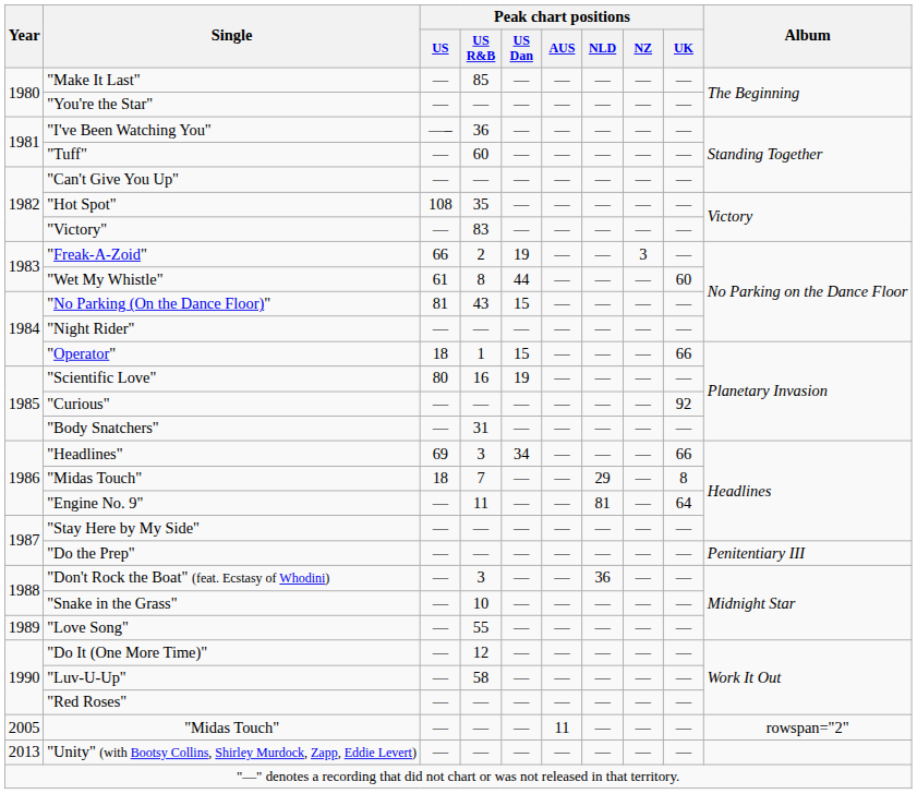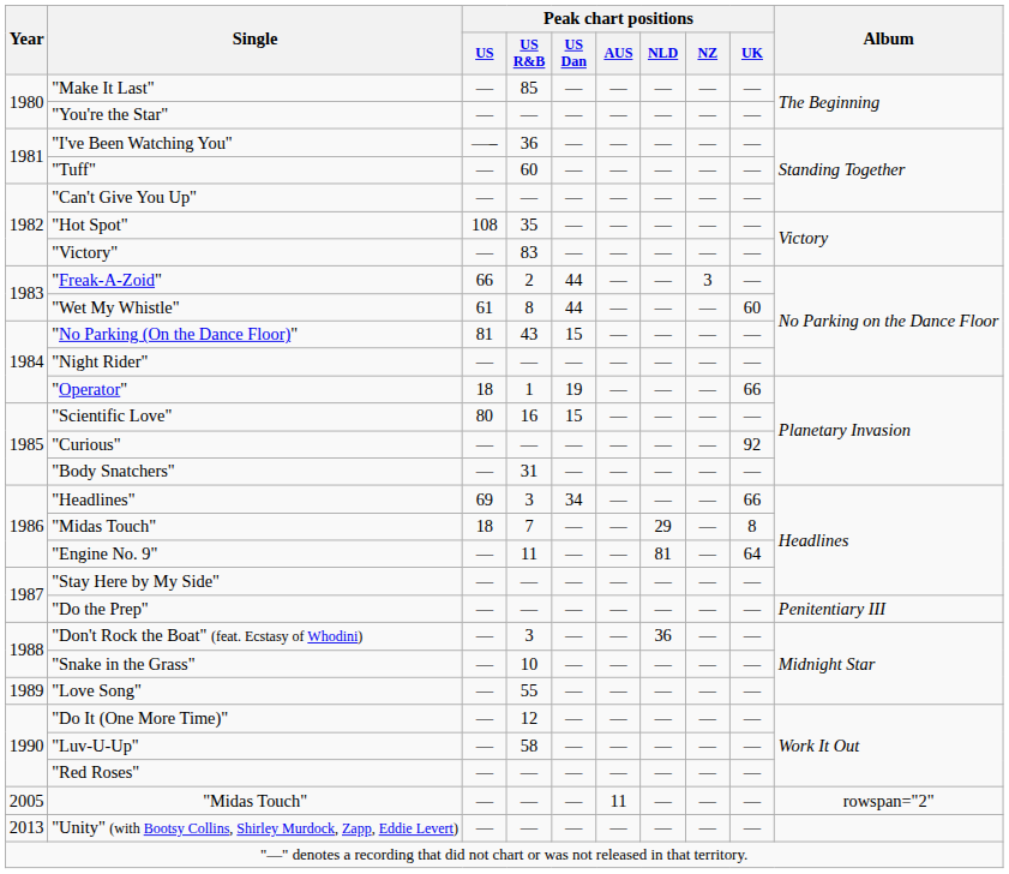 <table class="wikitable" style="text-align:center;">
 <tr>
 <th rowspan="2">Year</th>
 <th rowspan="2">Single</th>
 <th colspan="7">Peak chart positions</th>
 <th rowspan="2">Album</th>
 </tr>
 <tr style="font-size: smaller;">
 <th width="35"><a href='#'>US</a><br></th>
 <th width="35"><a href='#'>US<br>R&B</a><br></th>
 <th width="35"><a href='#'>US<br>Dan</a><br></th>
 <th width="35"><a href='#'>AUS</a><br></th>
 <th width="35"><a href='#'>NLD</a><br></th>
 <th width="35"><a href='#'>NZ</a><br></th>
 <th width="35"><a href='#'>UK</a><br></th>
 </tr>
 <tr>
 <td rowspan="2">1980</td>
 <td align=left>"Make It Last"</td>
 <td>—</td>
 <td>85</td>
 <td>—</td>
 <td>—</td>
 <td>—</td>
 <td>—</td>
 <td>—</td>
 <td align=left rowspan="2"><em>The Beginning</em></td>
 </tr>
 <tr>
 <td align=left>"You're the Star"</td>
 <td>—</td>
 <td>—</td>
 <td>—</td>
 <td>—</td>
 <td>—</td>
 <td>—</td>
 <td>—</td>
 </tr>
 <tr>
 <td rowspan="2">1981</td>
 <td align=left>"I've Been Watching You"</td>
 <td>—–</td>
 <td>36</td>
 <td>—</td>
 <td>—</td>
 <td>—</td>
 <td>—</td>
 <td>—</td>
 <td align=left rowspan="3"><em>Standing Together</em></td>
 </tr>
 <tr>
 <td align=left>"Tuff"</td>
 <td>—</td>
 <td>60</td>
 <td>—</td>
 <td>—</td>
 <td>—</td>
 <td>—</td>
 <td>—</td>
 </tr>
 <tr>
 <td rowspan="3">1982</td>
 <td align=left>"Can't Give You Up"</td>
 <td>—</td>
 <td>—</td>
 <td>—</td>
 <td>—</td>
 <td>—</td>
 <td>—</td>
 <td>—</td>
 </tr>
 <tr>
 <td align=left>"Hot Spot"</td>
 <td>108</td>
 <td>35</td>
 <td>—</td>
 <td>—</td>
 <td>—</td>
 <td>—</td>
 <td>—</td>
 <td align=left rowspan="2"><em>Victory</em></td>
 </tr>
 <tr>
 <td align=left>"Victory"</td>
 <td>—</td>
 <td>83</td>
 <td>—</td>
 <td>—</td>
 <td>—</td>
 <td>—</td>
 <td>—</td>
 </tr>
 <tr>
 <td rowspan="2">1983</td>
 <td align=left>"<a href='#'>Freak-A-Zoid</a>"</td>
 <td>66</td>
 <td>2</td>
-<td>19</td>
+<td>44</td>
 <td>—</td>
 <td>—</td>
 <td>3</td>
 <td>—</td>
 <td align=left rowspan="4"><em>No Parking on the Dance Floor</em></td>
 </tr>
 <tr>
 <td align=left>"Wet My Whistle"</td>
 <td>61</td>
 <td>8</td>
 <td>44</td>
 <td>—</td>
 <td>—</td>
 <td>—</td>
 <td>60</td>
 </tr>
 <tr>
 <td rowspan="3">1984</td>
 <td align=left>"<a href='#'>No Parking (On the Dance Floor)</a>"</td>
 <td>81</td>
 <td>43</td>
 <td>15</td>
 <td>—</td>
 <td>—</td>
 <td>—</td>
 <td>—</td>
 </tr>
 <tr>
 <td align=left>"Night Rider"</td>
 <td>—</td>
 <td>—</td>
 <td>—</td>
 <td>—</td>
 <td>—</td>
 <td>—</td>
 <td>—</td>
 </tr>
 <tr>
 <td align=left>"<a href='#'>Operator</a>"</td>
 <td>18</td>
 <td>1</td>
-<td>15</td>
+<td>19</td>
 <td>—</td>
 <td>—</td>
 <td>—</td>
 <td>66</td>
 <td align=left rowspan="4"><em>Planetary Invasion</em></td>
 </tr>
 <tr>
 <td rowspan="3">1985</td>
 <td align=left>"Scientific Love"</td>
 <td>80</td>
 <td>16</td>
-<td>19</td>
+<td>15</td>
 <td>—</td>
 <td>—</td>
 <td>—</td>
 <td>—</td>
 </tr>
 <tr>
 <td align=left>"Curious"</td>
 <td>—</td>
 <td>—</td>
 <td>—</td>
 <td>—</td>
 <td>—</td>
 <td>—</td>
 <td>92</td>
 </tr>
 <tr>
 <td align=left>"Body Snatchers"</td>
 <td>—</td>
 <td>31</td>
 <td>—</td>
 <td>—</td>
 <td>—</td>
 <td>—</td>
 <td>—</td>
 </tr>
 <tr>
 <td rowspan="3">1986</td>
 <td align=left>"Headlines"</td>
 <td>69</td>
 <td>3</td>
 <td>34</td>
 <td>—</td>
 <td>—</td>
 <td>—</td>
 <td>66</td>
 <td align=left rowspan="4"><em>Headlines</em></td>
 </tr>
 <tr>
 <td align=left>"Midas Touch"</td>
 <td>18</td>
 <td>7</td>
 <td>—</td>
 <td>—</td>
 <td>29</td>
 <td>—</td>
 <td>8</td>
 </tr>
 <tr>
 <td align=left>"Engine No. 9"</td>
 <td>—</td>
 <td>11</td>
 <td>—</td>
 <td>—</td>
 <td>81</td>
 <td>—</td>
 <td>64</td>
 </tr>
 <tr>
 <td rowspan="2">1987</td>
 <td align=left>"Stay Here by My Side"</td>
 <td>—</td>
 <td>—</td>
 <td>—</td>
 <td>—</td>
 <td>—</td>
 <td>—</td>
 <td>—</td>
 </tr>
 <tr>
 <td align=left>"Do the Prep"</td>
 <td>—</td>
 <td>—</td>
 <td>—</td>
 <td>—</td>
 <td>—</td>
 <td>—</td>
 <td>—</td>
 <td align=left rowspan="1"><em>Penitentiary III </em></td>
 </tr>
 <tr>
 <td rowspan="2">1988</td>
 <td align=left>"Don't Rock the Boat" <small>(feat. Ecstasy of <a href='#'>Whodini</a>)</small></td>
 <td>—</td>
 <td>3</td>
 <td>—</td>
 <td>—</td>
 <td>36</td>
 <td>—</td>
 <td>—</td>
 <td align=left rowspan="3"><em>Midnight Star</em></td>
 </tr>
 <tr>
 <td align=left>"Snake in the Grass"</td>
 <td>—</td>
 <td>10</td>
 <td>—</td>
 <td>—</td>
 <td>—</td>
 <td>—</td>
 <td>—</td>
 </tr>
 <tr>
 <td>1989</td>
 <td align=left>"Love Song"</td>
 <td>—</td>
 <td>55</td>
 <td>—</td>
 <td>—</td>
 <td>—</td>
 <td>—</td>
 <td>—</td>
 </tr>
 <tr>
 <td rowspan="3">1990</td>
 <td align=left>"Do It (One More Time)"</td>
 <td>—</td>
 <td>12</td>
 <td>—</td>
 <td>—</td>
 <td>—</td>
 <td>—</td>
 <td>—</td>
 <td align=left rowspan="3"><em>Work It Out</em></td>
 </tr>
 <tr>
 <td align=left>"Luv-U-Up"</td>
 <td>—</td>
 <td>58</td>
 <td>—</td>
 <td>—</td>
 <td>—</td>
 <td>—</td>
 <td>—</td>
 </tr>
 <tr>
 <td align=left>"Red Roses"</td>
 <td>—</td>
 <td>—</td>
 <td>—</td>
 <td>—</td>
 <td>—</td>
 <td>—</td>
 <td>—</td>
 </tr>
 <tr>
 <td>2005</td>
 <td>"Midas Touch" </td>
 <td>—</td>
 <td>—</td>
 <td>—</td>
 <td>11</td>
 <td>—</td>
 <td>—</td>
 <td>—</td>
 <td>rowspan="2" </td>
 </tr>
 <tr>
 <td>2013</td>
 <td>"Unity" <small>(with <a href='#'>Bootsy Collins</a>, <a href='#'>Shirley Murdock</a>, <a href='#'>Zapp</a>, <a href='#'>Eddie Levert</a>)</small></td>
 <td>—</td>
 <td>—</td>
 <td>—</td>
 <td>—</td>
 <td>—</td>
 <td>—</td>
 <td>—</td>
 </tr>
 <tr>
 <td colspan="15" style="font-size:90%">"—" denotes a recording that did not chart or was not released in that territory.</td>
 </tr>
 </table>
